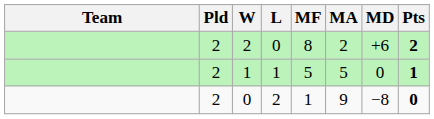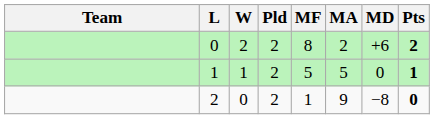 <table class="wikitable" style="text-align:center">
 <tr>
 <th width="175">Team</th>
+<th width="20">L</th>
+<th width="20">W</th>
 <th width="20">Pld</th>
-<th width="20">W</th>
-<th width="20">L</th>
 <th width="20">MF</th>
 <th width="20">MA</th>
 <th width="20">MD</th>
 <th width="20">Pts</th>
 </tr>
 <tr bgcolor="bbf3bb">
 <td align="left"></td>
+<td>0</td>
 <td>2</td>
 <td>2</td>
-<td>0</td>
 <td>8</td>
 <td>2</td>
 <td>+6</td>
 <td><strong>2</strong></td>
 </tr>
 <tr bgcolor="bbf3bb">
 <td align="left"></td>
-<td>2</td>
 <td>1</td>
 <td>1</td>
+<td>2</td>
 <td>5</td>
 <td>5</td>
 <td>0</td>
 <td><strong>1</strong></td>
 </tr>
 <tr>
 <td align="left"></td>
 <td>2</td>
 <td>0</td>
 <td>2</td>
 <td>1</td>
 <td>9</td>
 <td>−8</td>
 <td><strong>0</strong></td>
 </tr>
 </table>
